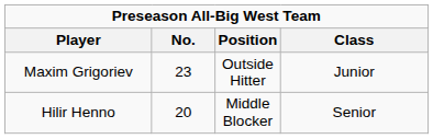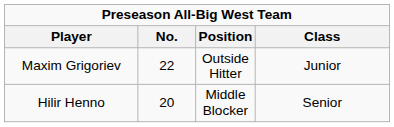 <table class="wikitable" style="text-align:center">
 <tr>
 <td colspan="4"><strong>Preseason All-Big West Team</strong></td>
 </tr>
 <tr>
 <th style="width:150px; ">Player</th>
 <th style="width:60px; ">No.</th>
 <th style="width:60px; ">Position</th>
 <th style="width:150px; ">Class</th>
 </tr>
 <tr>
 <td>Maxim Grigoriev</td>
-<td>23</td>
+<td>22</td>
 <td>Outside Hitter</td>
 <td>Junior</td>
 </tr>
 <tr>
 <td>Hilir Henno</td>
 <td>20</td>
 <td>Middle Blocker</td>
 <td>Senior</td>
 </tr>
 </table>
